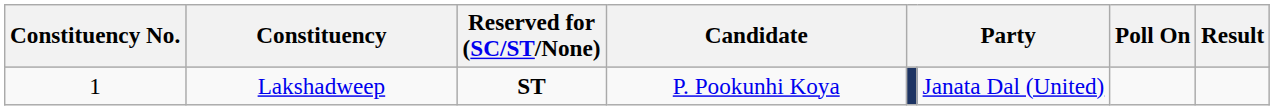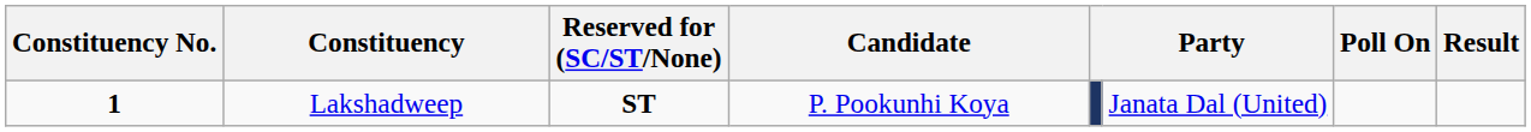 <table class="wikitable sortable" style="text-align:center">
 <tr>
 <th>Constituency No.</th>
 <th style="width:180px;">Constituency</th>
 <th>Reserved for<br>(<a href='#'>SC/ST</a>/None)</th>
 <th style="width:200px;">Candidate</th>
 <th colspan="2">Party</th>
 <th>Poll On</th>
 <th>Result</th>
 </tr>
 <tr>
-<td style="text-align:center;">1</td>
+<td style="text-align:center;"><strong>1</strong></td>
 <td><a href='#'>Lakshadweep</a></td>
 <td><strong>ST</strong></td>
 <td><a href='#'>P. Pookunhi Koya</a></td>
 <td bgcolor=#1D3463></td>
 <td><a href='#'>Janata Dal (United)</a></td>
 <td></td>
 <td></td>
 </tr>
 </table>
